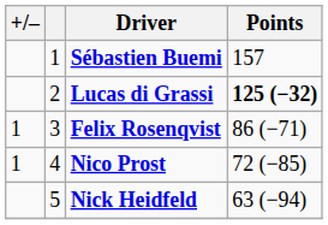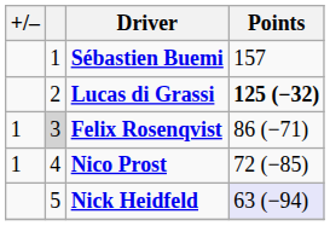 <table class="wikitable" style="font-size: 85%">
 <tr>
 <th scope="col">+/–</th>
 <th scope="col"></th>
 <th scope="col">Driver</th>
 <th scope="col">Points</th>
 </tr>
 <tr>
 <td align="left"></td>
 <td align="center">1</td>
 <td> <strong><a href='#'>Sébastien Buemi</a></strong></td>
 <td align="left">157</td>
 </tr>
 <tr>
 <td align="left"></td>
 <td align="center">2</td>
 <td> <strong><a href='#'>Lucas di Grassi</a></strong></td>
 <td align="left"><strong>125 (−32)</strong></td>
 </tr>
 <tr>
 <td align="left"> 1</td>
-<td align="center">3</td>
+<td align="center" style="background: lightgrey;">3</td>
 <td> <strong><a href='#'>Felix Rosenqvist</a></strong></td>
 <td align="left">86 (−71)</td>
 </tr>
 <tr>
 <td align="left"> 1</td>
 <td align="center">4</td>
 <td> <strong><a href='#'>Nico Prost</a></strong></td>
 <td align="left">72 (−85)</td>
 </tr>
 <tr>
 <td align="left"></td>
 <td align="center">5</td>
 <td> <strong><a href='#'>Nick Heidfeld</a></strong></td>
-<td align="left">63 (−94)</td>
+<td align="left" style="background: lavender;">63 (−94)</td>
 </tr>
 <tr>
 </tr>
 </table>
